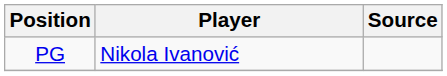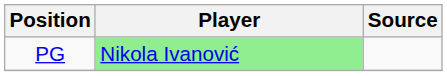 <table class="wikitable sortable" style="text-align: center;">
 <tr>
 <th>Position</th>
 <th style="width:200px;">Player</th>
 <th>Source</th>
 </tr>
 <tr>
 <td><a href='#'>PG</a></td>
-<td style="text-align:left"> <a href='#'>Nikola Ivanović</a></td>
+<td style="background: lightgreen; text-align:left"> <a href='#'>Nikola Ivanović</a></td>
 <td></td>
 </tr>
 <tr>
 </tr>
 </table>
